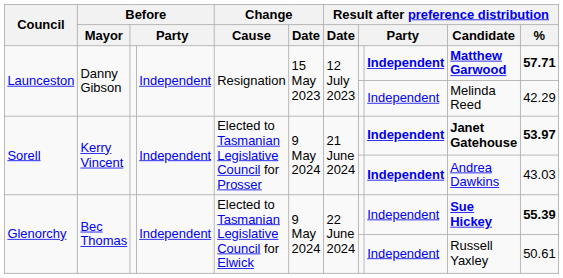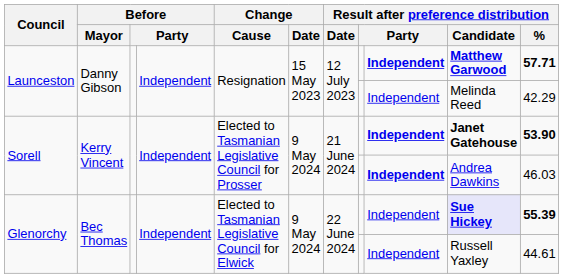 <table class="wikitable sortable" style="border: none;">
 <tr>
 <th rowspan="2">Council</th>
 <th colspan="3">Before</th>
 <th colspan="2">Change</th>
 <th colspan="7">Result after <a href='#'>preference distribution</a></th>
 </tr>
 <tr>
 <th>Mayor</th>
 <th colspan="2">Party</th>
 <th>Cause</th>
 <th>Date</th>
 <th>Date</th>
 <th colspan="2">Party</th>
 <th>Candidate</th>
 <th>%</th>
 </tr>
 <tr>
 <td rowspan="2"><a href='#'>Launceston</a></td>
 <td rowspan="2">Danny Gibson</td>
 <td rowspan="2" ></td>
 <td rowspan="2"><a href='#'>Independent</a></td>
 <td rowspan="2">Resignation</td>
 <td rowspan="2">15 May 2023</td>
 <td rowspan="2">12 July 2023</td>
 <td></td>
 <td><strong><a href='#'>Independent</a></strong></td>
 <td><strong><a href='#'>Matthew Garwood</a></strong></td>
 <td><strong>57.71</strong></td>
 </tr>
 <tr>
 <td></td>
 <td><a href='#'>Independent</a></td>
 <td>Melinda Reed</td>
 <td>42.29</td>
 </tr>
 <tr>
 <td rowspan="2"><a href='#'>Sorell</a></td>
 <td rowspan="2"><a href='#'>Kerry Vincent</a></td>
 <td rowspan="2" ></td>
 <td rowspan="2"><a href='#'>Independent</a></td>
 <td rowspan="2">Elected to <a href='#'>Tasmanian Legislative Council</a> for <a href='#'>Prosser</a></td>
 <td rowspan="2">9 May 2024</td>
 <td rowspan="2">21 June 2024</td>
 <td></td>
 <td><strong><a href='#'>Independent</a></strong></td>
 <td><strong>Janet Gatehouse</strong></td>
-<td><strong>53.97</strong></td>
+<td><strong>53.90</strong></td>
 </tr>
 <tr>
 <td></td>
 <td><strong><a href='#'>Independent</a></strong></td>
 <td><a href='#'>Andrea Dawkins</a></td>
-<td>43.03</td>
+<td>46.03</td>
 </tr>
 <tr>
 <td rowspan="2"><a href='#'>Glenorchy</a></td>
 <td rowspan="2"><a href='#'>Bec Thomas</a></td>
 <td rowspan="2" ></td>
 <td rowspan="2"><a href='#'>Independent</a></td>
 <td rowspan="2">Elected to <a href='#'>Tasmanian Legislative Council</a> for <a href='#'>Elwick</a></td>
 <td rowspan="2">9 May 2024</td>
 <td rowspan="2">22 June 2024</td>
 <td></td>
 <td><a href='#'>Independent</a></td>
-<td><strong><a href='#'>Sue Hickey</a></strong></td>
+<td style="background: lavender;"><strong><a href='#'>Sue Hickey</a></strong></td>
 <td><strong>55.39</strong></td>
 </tr>
 <tr>
 <td></td>
 <td><a href='#'>Independent</a></td>
 <td>Russell Yaxley</td>
-<td>50.61</td>
+<td>44.61</td>
 </tr>
 <tr>
 </tr>
 </table>
